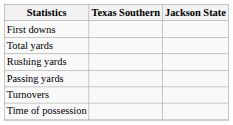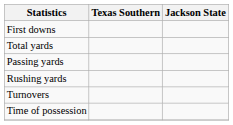 <table class="wikitable">
 <tr>
 <th>Statistics</th>
 <th>Texas Southern</th>
 <th>Jackson State</th>
 </tr>
 <tr>
 <td>First downs</td>
 <td> </td>
 <td> </td>
 </tr>
 <tr>
 <td>Total yards</td>
 <td> </td>
 <td> </td>
 </tr>
 <tr>
-<td>Rushing yards</td>
+<td>Passing yards</td>
 <td> </td>
 <td> </td>
 </tr>
 <tr>
-<td>Passing yards</td>
+<td>Rushing yards</td>
 <td> </td>
 <td> </td>
 </tr>
 <tr>
 <td>Turnovers</td>
 <td> </td>
 <td> </td>
 </tr>
 <tr>
 <td>Time of possession</td>
 <td> </td>
 <td> </td>
 </tr>
 <tr>
 </tr>
 </table>
